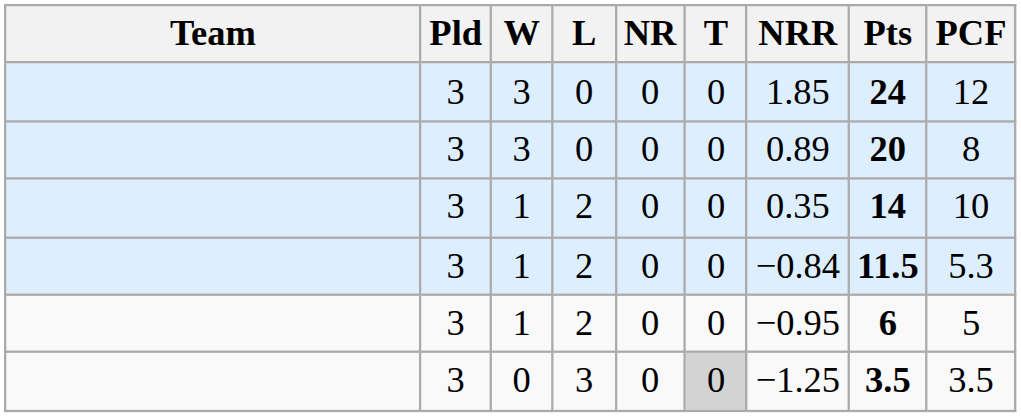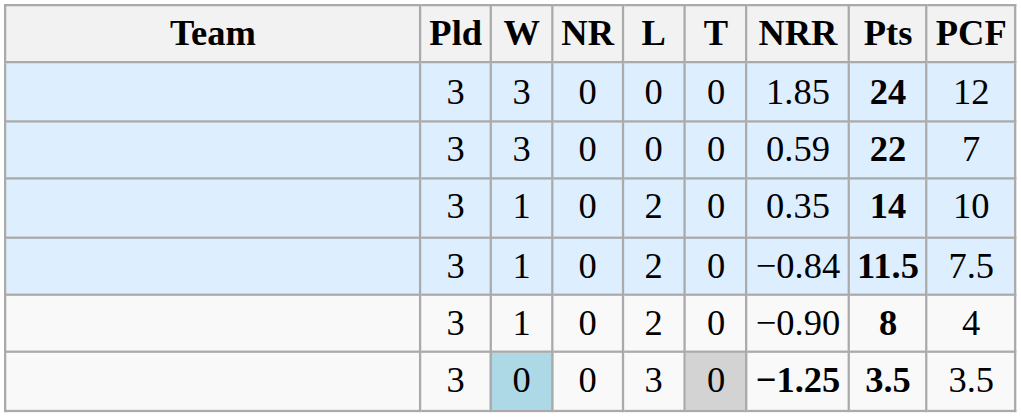 <table class="wikitable" style="text-align:center">
 <tr>
 <th width=175>Team</th>
 <th width=20 abbr="Played">Pld</th>
 <th width=20 abbr="Won">W</th>
+<th width=20 abbr="No result">NR</th>
 <th width=20 abbr="Lost">L</th>
-<th width=20 abbr="No result">NR</th>
 <th width=20 abbr="Tied">T</th>
 <th width=20 abbr="Net run rate">NRR</th>
 <th width=20 abbr="Points">Pts</th>
 <th width=20 abbr="Points Carried Forward">PCF</th>
 </tr>
 <tr bgcolor="#ddeeff">
 <td align="left"></td>
 <td>3</td>
 <td>3</td>
 <td>0</td>
 <td>0</td>
 <td>0</td>
 <td>1.85</td>
 <td><strong>24</strong></td>
 <td>12</td>
 </tr>
 <tr bgcolor="#ddeeff">
 <td align="left"></td>
 <td>3</td>
 <td>3</td>
 <td>0</td>
 <td>0</td>
 <td>0</td>
-<td>0.89</td>
-<td><strong>20</strong></td>
-<td>8</td>
+<td>0.59</td>
+<td><strong>22</strong></td>
+<td>7</td>
 </tr>
 <tr bgcolor="#ddeeff">
 <td align="left"></td>
 <td>3</td>
 <td>1</td>
+<td>0</td>
 <td>2</td>
-<td>0</td>
 <td>0</td>
 <td>0.35</td>
 <td><strong>14</strong></td>
 <td>10</td>
 </tr>
 <tr bgcolor="#ddeeff">
 <td align="left"></td>
 <td>3</td>
 <td>1</td>
+<td>0</td>
 <td>2</td>
-<td>0</td>
 <td>0</td>
 <td>−0.84</td>
 <td><strong>11.5</strong></td>
-<td>5.3</td>
+<td>7.5</td>
 </tr>
 <tr>
 <td align="left"></td>
 <td>3</td>
 <td>1</td>
+<td>0</td>
 <td>2</td>
 <td>0</td>
-<td>0</td>
-<td>−0.95</td>
-<td><strong>6</strong></td>
-<td>5</td>
+<td>−0.90</td>
+<td><strong>8</strong></td>
+<td>4</td>
 </tr>
 <tr>
 <td align="left"></td>
 <td>3</td>
+<td style="background: lightblue;">0</td>
 <td>0</td>
 <td>3</td>
-<td>0</td>
 <td style="background: lightgrey;">0</td>
-<td>−1.25</td>
+<td><strong>−1.25</strong></td>
 <td><strong>3.5</strong></td>
 <td>3.5</td>
 </tr>
 </table>
